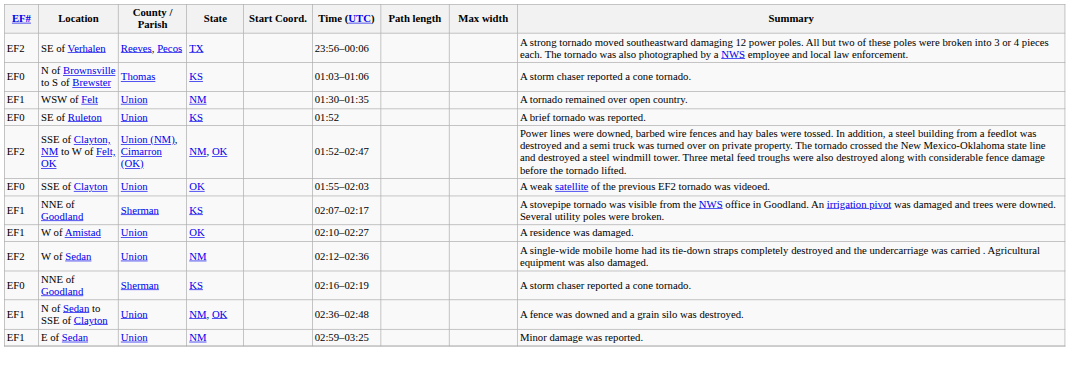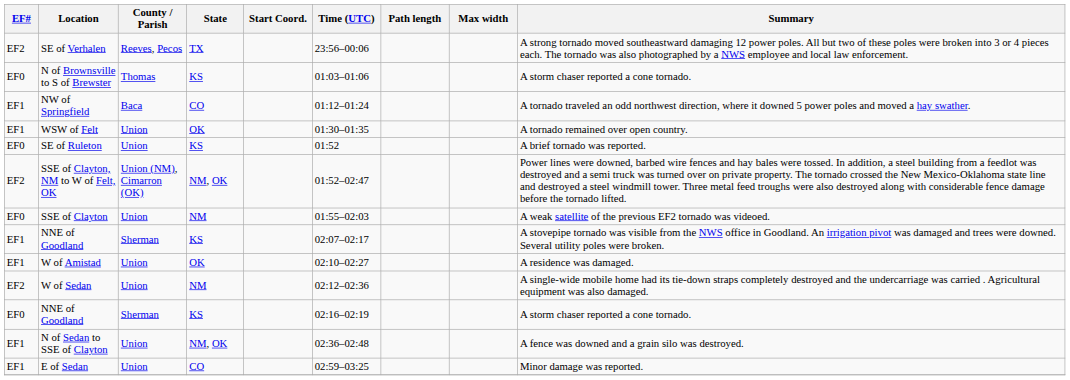 <table class="wikitable sortable" style="width:100%;">
 <tr>
 <th scope="col"  style="width:3%; text-align:center;"><a href='#'>EF#</a></th>
 <th scope="col"  style="width:7%; text-align:center;" class="unsortable">Location</th>
 <th scope="col"  style="width:6%; text-align:center;" class="unsortable">County / Parish</th>
 <th scope="col"  style="width:5%; text-align:center;">State</th>
 <th scope="col"  style="width:6%; text-align:center;">Start Coord.</th>
 <th scope="col"  style="width:6%; text-align:center;">Time (<a href='#'>UTC</a>)</th>
 <th scope="col"  style="width:6%; text-align:center;">Path length</th>
 <th scope="col"  style="width:6%; text-align:center;">Max width</th>
 <th scope="col" class="unsortable" style="width:48%; text-align:center;">Summary</th>
 </tr>
 <tr>
 <td>EF2</td>
 <td>SE of <a href='#'>Verhalen</a></td>
 <td><a href='#'>Reeves</a>, <a href='#'>Pecos</a></td>
 <td><a href='#'>TX</a></td>
 <td></td>
 <td>23:56–00:06</td>
 <td></td>
 <td></td>
 <td>A strong tornado moved southeastward damaging 12 power poles. All but two of these poles were broken into 3 or 4 pieces each. The tornado was also photographed by a <a href='#'>NWS</a> employee and local law enforcement.</td>
 </tr>
 <tr>
 <td>EF0</td>
 <td>N of <a href='#'>Brownsville</a> to S of <a href='#'>Brewster</a></td>
 <td><a href='#'>Thomas</a></td>
 <td><a href='#'>KS</a></td>
 <td></td>
 <td>01:03–01:06</td>
 <td></td>
 <td></td>
 <td>A storm chaser reported a cone tornado.</td>
 </tr>
 <tr>
 <td>EF1</td>
+<td>NW of <a href='#'>Springfield</a></td>
+<td><a href='#'>Baca</a></td>
+<td><a href='#'>CO</a></td>
+<td></td>
+<td>01:12–01:24</td>
+<td></td>
+<td></td>
+<td>A tornado traveled an odd northwest direction, where it downed 5 power poles and moved a <a href='#'>hay swather</a>.</td>
+</tr>
+<tr>
+<td>EF1</td>
 <td>WSW of <a href='#'>Felt</a></td>
 <td><a href='#'>Union</a></td>
-<td><a href='#'>NM</a></td>
+<td><a href='#'>OK</a></td>
 <td></td>
 <td>01:30–01:35</td>
 <td></td>
 <td></td>
 <td>A tornado remained over open country.</td>
 </tr>
 <tr>
 <td>EF0</td>
 <td>SE of <a href='#'>Ruleton</a></td>
 <td><a href='#'>Union</a></td>
 <td><a href='#'>KS</a></td>
 <td></td>
 <td>01:52</td>
 <td></td>
 <td></td>
 <td>A brief tornado was reported.</td>
 </tr>
 <tr>
 <td>EF2</td>
 <td>SSE of <a href='#'>Clayton, NM</a> to W of <a href='#'>Felt, OK</a></td>
 <td><a href='#'>Union (NM)</a>, <a href='#'>Cimarron (OK)</a></td>
 <td><a href='#'>NM</a>, <a href='#'>OK</a></td>
 <td></td>
 <td>01:52–02:47</td>
 <td></td>
 <td></td>
 <td>Power lines were downed, barbed wire fences and hay bales were tossed. In addition, a steel building from a feedlot was destroyed and a semi truck was turned over on private property. The tornado crossed the New Mexico-Oklahoma state line and destroyed a steel windmill tower. Three metal feed troughs were also destroyed along with considerable fence damage before the tornado lifted.</td>
 </tr>
 <tr>
 <td>EF0</td>
 <td>SSE of <a href='#'>Clayton</a></td>
 <td><a href='#'>Union</a></td>
-<td><a href='#'>OK</a></td>
+<td><a href='#'>NM</a></td>
 <td></td>
 <td>01:55–02:03</td>
 <td></td>
 <td></td>
 <td>A weak <a href='#'>satellite</a> of the previous EF2 tornado was videoed.</td>
 </tr>
 <tr>
 <td>EF1</td>
 <td>NNE of <a href='#'>Goodland</a></td>
 <td><a href='#'>Sherman</a></td>
 <td><a href='#'>KS</a></td>
 <td></td>
 <td>02:07–02:17</td>
 <td></td>
 <td></td>
 <td>A stovepipe tornado was visible from the <a href='#'>NWS</a> office in Goodland. An <a href='#'>irrigation pivot</a> was damaged and trees were downed. Several utility poles were broken.</td>
 </tr>
 <tr>
 <td>EF1</td>
 <td>W of <a href='#'>Amistad</a></td>
 <td><a href='#'>Union</a></td>
 <td><a href='#'>OK</a></td>
 <td></td>
 <td>02:10–02:27</td>
 <td></td>
 <td></td>
 <td>A residence was damaged.</td>
 </tr>
 <tr>
 <td>EF2</td>
 <td>W of <a href='#'>Sedan</a></td>
 <td><a href='#'>Union</a></td>
 <td><a href='#'>NM</a></td>
 <td></td>
 <td>02:12–02:36</td>
 <td></td>
 <td></td>
 <td>A single-wide mobile home had its tie-down straps completely destroyed and the undercarriage was carried . Agricultural equipment was also damaged.</td>
 </tr>
 <tr>
 <td>EF0</td>
 <td>NNE of <a href='#'>Goodland</a></td>
 <td><a href='#'>Sherman</a></td>
 <td><a href='#'>KS</a></td>
 <td></td>
 <td>02:16–02:19</td>
 <td></td>
 <td></td>
 <td>A storm chaser reported a cone tornado.</td>
 </tr>
 <tr>
 <td>EF1</td>
 <td>N of <a href='#'>Sedan</a> to SSE of <a href='#'>Clayton</a></td>
 <td><a href='#'>Union</a></td>
 <td><a href='#'>NM</a>, <a href='#'>OK</a></td>
 <td></td>
 <td>02:36–02:48</td>
 <td></td>
 <td></td>
 <td>A fence was downed and a grain silo was destroyed.</td>
 </tr>
 <tr>
 <td>EF1</td>
 <td>E of <a href='#'>Sedan</a></td>
 <td><a href='#'>Union</a></td>
-<td><a href='#'>NM</a></td>
+<td><a href='#'>CO</a></td>
 <td></td>
 <td>02:59–03:25</td>
 <td></td>
 <td></td>
 <td>Minor damage was reported.</td>
 </tr>
 <tr>
 </tr>
 </table>
